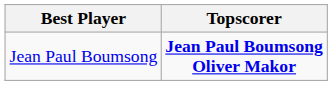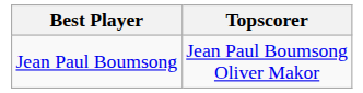 <table class="wikitable" style="text-align: center; margin: 0 auto;">
 <tr>
 <th>Best Player</th>
 <th>Topscorer</th>
 </tr>
 <tr>
 <td><a href='#'>Jean Paul Boumsong</a></td>
-<td><strong><a href='#'>Jean Paul Boumsong</a><br><a href='#'>Oliver Makor</a></strong></td>
+<td><a href='#'>Jean Paul Boumsong</a><br><a href='#'>Oliver Makor</a></td>
 </tr>
 </table>
